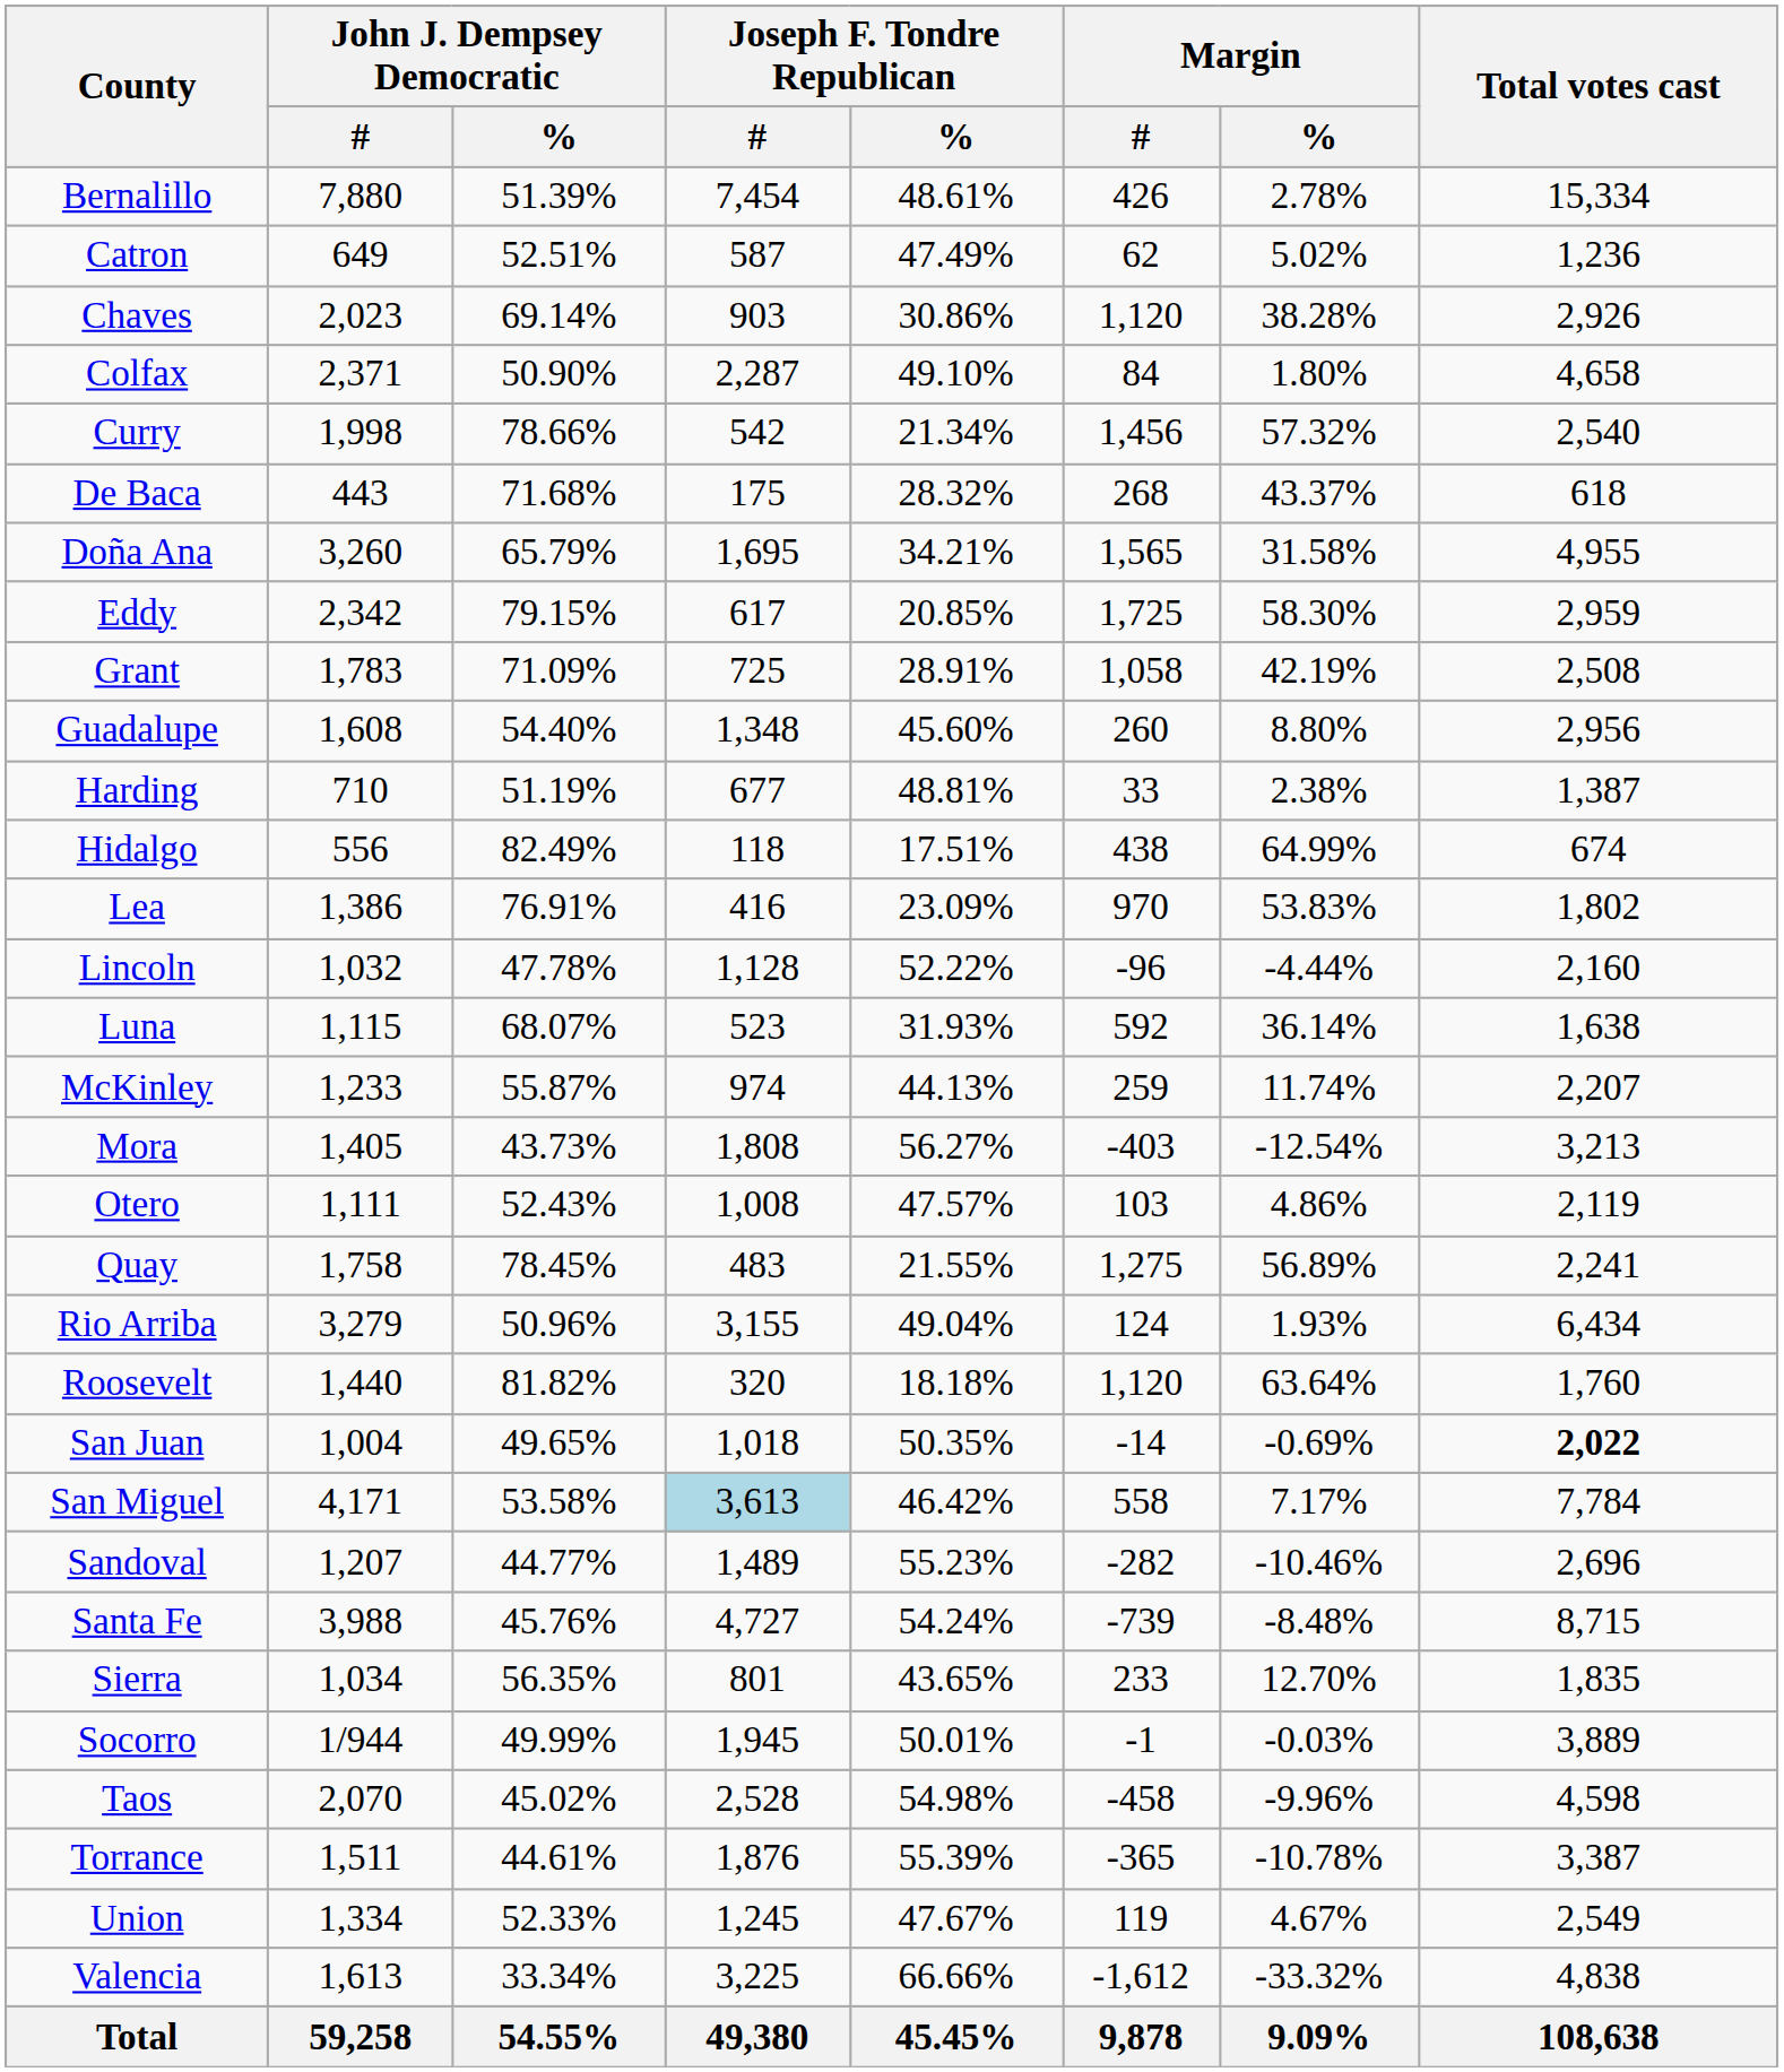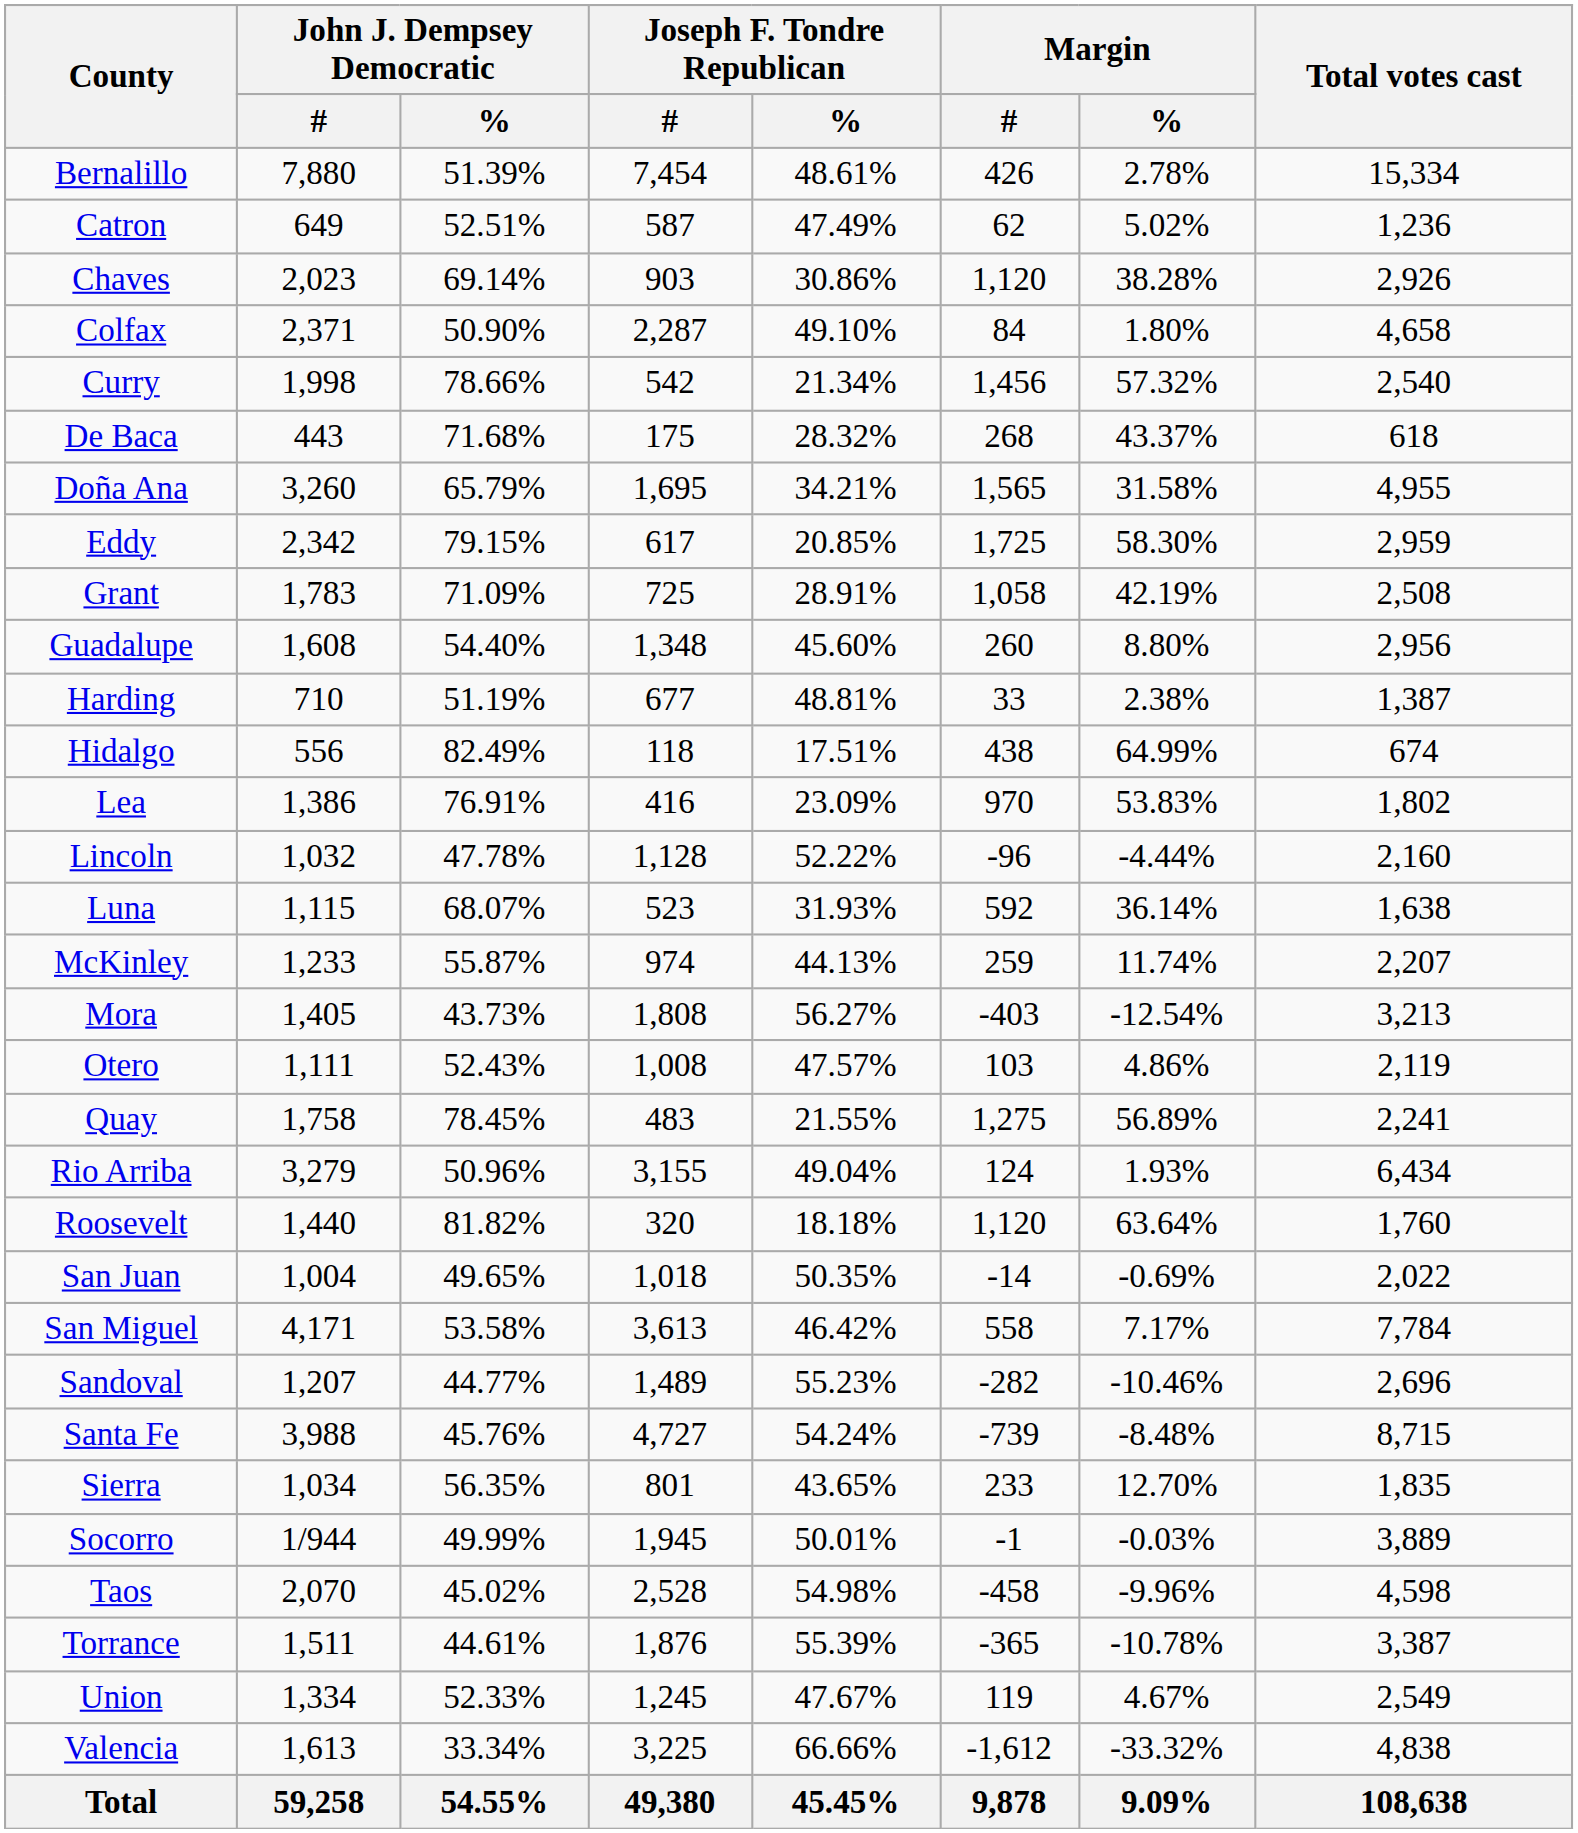 <table width="60%" class="wikitable sortable" style="text-align:center">
 <tr>
 <th style="text-align:center;" rowspan="2">County</th>
 <th style="text-align:center;" colspan="2">John J. Dempsey<br>Democratic</th>
 <th style="text-align:center;" colspan="2">Joseph F. Tondre<br>Republican</th>
 <th style="text-align:center;" colspan="2">Margin</th>
 <th style="text-align:center;" rowspan="2">Total votes cast</th>
 </tr>
 <tr>
 <th style="text-align:center;" data-sort-type="number">#</th>
 <th style="text-align:center;" data-sort-type="number">%</th>
 <th style="text-align:center;" data-sort-type="number">#</th>
 <th style="text-align:center;" data-sort-type="number">%</th>
 <th style="text-align:center;" data-sort-type="number">#</th>
 <th style="text-align:center;" data-sort-type="number">%</th>
 </tr>
 <tr style="text-align:center;">
 <td><a href='#'>Bernalillo</a></td>
 <td>7,880</td>
 <td>51.39%</td>
 <td>7,454</td>
 <td>48.61%</td>
 <td>426</td>
 <td>2.78%</td>
 <td>15,334</td>
 </tr>
 <tr style="text-align:center;">
 <td><a href='#'>Catron</a></td>
 <td>649</td>
 <td>52.51%</td>
 <td>587</td>
 <td>47.49%</td>
 <td>62</td>
 <td>5.02%</td>
 <td>1,236</td>
 </tr>
 <tr style="text-align:center;">
 <td><a href='#'>Chaves</a></td>
 <td>2,023</td>
 <td>69.14%</td>
 <td>903</td>
 <td>30.86%</td>
 <td>1,120</td>
 <td>38.28%</td>
 <td>2,926</td>
 </tr>
 <tr style="text-align:center;">
 <td><a href='#'>Colfax</a></td>
 <td>2,371</td>
 <td>50.90%</td>
 <td>2,287</td>
 <td>49.10%</td>
 <td>84</td>
 <td>1.80%</td>
 <td>4,658</td>
 </tr>
 <tr style="text-align:center;">
 <td><a href='#'>Curry</a></td>
 <td>1,998</td>
 <td>78.66%</td>
 <td>542</td>
 <td>21.34%</td>
 <td>1,456</td>
 <td>57.32%</td>
 <td>2,540</td>
 </tr>
 <tr style="text-align:center;">
 <td><a href='#'>De Baca</a></td>
 <td>443</td>
 <td>71.68%</td>
 <td>175</td>
 <td>28.32%</td>
 <td>268</td>
 <td>43.37%</td>
 <td>618</td>
 </tr>
 <tr style="text-align:center;">
 <td><a href='#'>Doña Ana</a></td>
 <td>3,260</td>
 <td>65.79%</td>
 <td>1,695</td>
 <td>34.21%</td>
 <td>1,565</td>
 <td>31.58%</td>
 <td>4,955</td>
 </tr>
 <tr style="text-align:center;">
 <td><a href='#'>Eddy</a></td>
 <td>2,342</td>
 <td>79.15%</td>
 <td>617</td>
 <td>20.85%</td>
 <td>1,725</td>
 <td>58.30%</td>
 <td>2,959</td>
 </tr>
 <tr style="text-align:center;">
 <td><a href='#'>Grant</a></td>
 <td>1,783</td>
 <td>71.09%</td>
 <td>725</td>
 <td>28.91%</td>
 <td>1,058</td>
 <td>42.19%</td>
 <td>2,508</td>
 </tr>
 <tr style="text-align:center;">
 <td><a href='#'>Guadalupe</a></td>
 <td>1,608</td>
 <td>54.40%</td>
 <td>1,348</td>
 <td>45.60%</td>
 <td>260</td>
 <td>8.80%</td>
 <td>2,956</td>
 </tr>
 <tr style="text-align:center;">
 <td><a href='#'>Harding</a></td>
 <td>710</td>
 <td>51.19%</td>
 <td>677</td>
 <td>48.81%</td>
 <td>33</td>
 <td>2.38%</td>
 <td>1,387</td>
 </tr>
 <tr style="text-align:center;">
 <td><a href='#'>Hidalgo</a></td>
 <td>556</td>
 <td>82.49%</td>
 <td>118</td>
 <td>17.51%</td>
 <td>438</td>
 <td>64.99%</td>
 <td>674</td>
 </tr>
 <tr style="text-align:center;">
 <td><a href='#'>Lea</a></td>
 <td>1,386</td>
 <td>76.91%</td>
 <td>416</td>
 <td>23.09%</td>
 <td>970</td>
 <td>53.83%</td>
 <td>1,802</td>
 </tr>
 <tr style="text-align:center;">
 <td><a href='#'>Lincoln</a></td>
 <td>1,032</td>
 <td>47.78%</td>
 <td>1,128</td>
 <td>52.22%</td>
 <td>-96</td>
 <td>-4.44%</td>
 <td>2,160</td>
 </tr>
 <tr style="text-align:center;">
 <td><a href='#'>Luna</a></td>
 <td>1,115</td>
 <td>68.07%</td>
 <td>523</td>
 <td>31.93%</td>
 <td>592</td>
 <td>36.14%</td>
 <td>1,638</td>
 </tr>
 <tr style="text-align:center;">
 <td><a href='#'>McKinley</a></td>
 <td>1,233</td>
 <td>55.87%</td>
 <td>974</td>
 <td>44.13%</td>
 <td>259</td>
 <td>11.74%</td>
 <td>2,207</td>
 </tr>
 <tr style="text-align:center;">
 <td><a href='#'>Mora</a></td>
 <td>1,405</td>
 <td>43.73%</td>
 <td>1,808</td>
 <td>56.27%</td>
 <td>-403</td>
 <td>-12.54%</td>
 <td>3,213</td>
 </tr>
 <tr style="text-align:center;">
 <td><a href='#'>Otero</a></td>
 <td>1,111</td>
 <td>52.43%</td>
 <td>1,008</td>
 <td>47.57%</td>
 <td>103</td>
 <td>4.86%</td>
 <td>2,119</td>
 </tr>
 <tr style="text-align:center;">
 <td><a href='#'>Quay</a></td>
 <td>1,758</td>
 <td>78.45%</td>
 <td>483</td>
 <td>21.55%</td>
 <td>1,275</td>
 <td>56.89%</td>
 <td>2,241</td>
 </tr>
 <tr style="text-align:center;">
 <td><a href='#'>Rio Arriba</a></td>
 <td>3,279</td>
 <td>50.96%</td>
 <td>3,155</td>
 <td>49.04%</td>
 <td>124</td>
 <td>1.93%</td>
 <td>6,434</td>
 </tr>
 <tr style="text-align:center;">
 <td><a href='#'>Roosevelt</a></td>
 <td>1,440</td>
 <td>81.82%</td>
 <td>320</td>
 <td>18.18%</td>
 <td>1,120</td>
 <td>63.64%</td>
 <td>1,760</td>
 </tr>
 <tr style="text-align:center;">
 <td><a href='#'>San Juan</a></td>
 <td>1,004</td>
 <td>49.65%</td>
 <td>1,018</td>
 <td>50.35%</td>
 <td>-14</td>
 <td>-0.69%</td>
-<td><strong>2,022</strong></td>
+<td>2,022</td>
 </tr>
 <tr style="text-align:center;">
 <td><a href='#'>San Miguel</a></td>
 <td>4,171</td>
 <td>53.58%</td>
-<td style="background: lightblue;">3,613</td>
+<td>3,613</td>
 <td>46.42%</td>
 <td>558</td>
 <td>7.17%</td>
 <td>7,784</td>
 </tr>
 <tr style="text-align:center;">
 <td><a href='#'>Sandoval</a></td>
 <td>1,207</td>
 <td>44.77%</td>
 <td>1,489</td>
 <td>55.23%</td>
 <td>-282</td>
 <td>-10.46%</td>
 <td>2,696</td>
 </tr>
 <tr style="text-align:center;">
 <td><a href='#'>Santa Fe</a></td>
 <td>3,988</td>
 <td>45.76%</td>
 <td>4,727</td>
 <td>54.24%</td>
 <td>-739</td>
 <td>-8.48%</td>
 <td>8,715</td>
 </tr>
 <tr style="text-align:center;">
 <td><a href='#'>Sierra</a></td>
 <td>1,034</td>
 <td>56.35%</td>
 <td>801</td>
 <td>43.65%</td>
 <td>233</td>
 <td>12.70%</td>
 <td>1,835</td>
 </tr>
 <tr style="text-align:center;">
 <td><a href='#'>Socorro</a></td>
 <td>1/944</td>
 <td>49.99%</td>
 <td>1,945</td>
 <td>50.01%</td>
 <td>-1</td>
 <td>-0.03%</td>
 <td>3,889</td>
 </tr>
 <tr style="text-align:center;">
 <td><a href='#'>Taos</a></td>
 <td>2,070</td>
 <td>45.02%</td>
 <td>2,528</td>
 <td>54.98%</td>
 <td>-458</td>
 <td>-9.96%</td>
 <td>4,598</td>
 </tr>
 <tr style="text-align:center;">
 <td><a href='#'>Torrance</a></td>
 <td>1,511</td>
 <td>44.61%</td>
 <td>1,876</td>
 <td>55.39%</td>
 <td>-365</td>
 <td>-10.78%</td>
 <td>3,387</td>
 </tr>
 <tr style="text-align:center;">
 <td><a href='#'>Union</a></td>
 <td>1,334</td>
 <td>52.33%</td>
 <td>1,245</td>
 <td>47.67%</td>
 <td>119</td>
 <td>4.67%</td>
 <td>2,549</td>
 </tr>
 <tr style="text-align:center;">
 <td><a href='#'>Valencia</a></td>
 <td>1,613</td>
 <td>33.34%</td>
 <td>3,225</td>
 <td>66.66%</td>
 <td>-1,612</td>
 <td>-33.32%</td>
 <td>4,838</td>
 </tr>
 <tr style="text-align:center;">
 <th>Total</th>
 <th>59,258</th>
 <th>54.55%</th>
 <th>49,380</th>
 <th>45.45%</th>
 <th>9,878</th>
 <th>9.09%</th>
 <th>108,638</th>
 </tr>
 </table>
